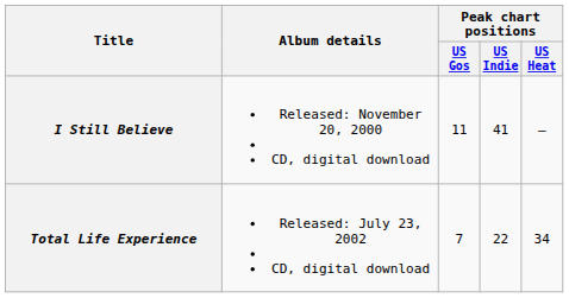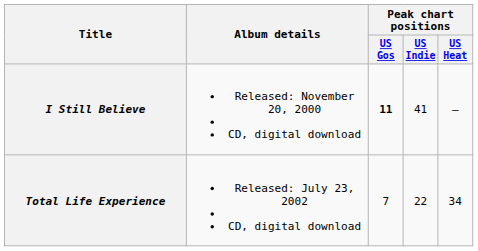 <table class="wikitable plainrowheaders" style="text-align:center;">
 <tr>
 <th scope="col" rowspan="2" style="width:16em;">Title</th>
 <th scope="col" rowspan="2" style="width:16em;">Album details</th>
 <th scope="col" colspan="3">Peak chart positions</th>
 </tr>
 <tr>
 <th style="width:3em; font-size:90%"><a href='#'>US<br>Gos</a></th>
 <th style="width:3em; font-size:90%"><a href='#'>US<br>Indie</a></th>
 <th style="width:3em; font-size:90%"><a href='#'>US<br>Heat</a></th>
 </tr>
 <tr>
 <th scope="row"><em>I Still Believe</em></th>
 <td><br><ul><li>Released: November 20, 2000</li><li></li><li>CD, digital download</li></ul></td>
-<td>11</td>
+<td><strong>11</strong></td>
 <td>41</td>
 <td>–</td>
 </tr>
 <tr>
 <th scope="row"><em>Total Life Experience</em></th>
 <td><br><ul><li>Released: July 23, 2002</li><li></li><li>CD, digital download</li></ul></td>
 <td>7</td>
 <td>22</td>
 <td>34</td>
 </tr>
 </table>
